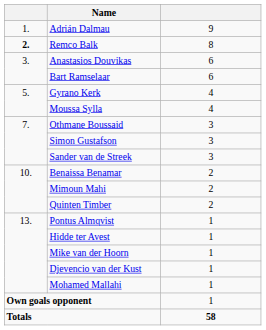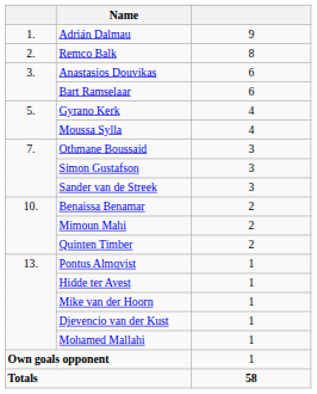 <table class="wikitable" style="font-size: 95%; text-align: center;">
 <tr>
 <th style="width: 60px;"></th>
 <th style="width: 170px;">Name</th>
 <th style="width: 150px;"></th>
 </tr>
 <tr>
 <td rowspan="1" style="vertical-align: top;">1.</td>
 <td style="text-align: left;"><strong></strong> <a href='#'>Adrián Dalmau</a></td>
 <td>9</td>
 </tr>
 <tr>
-<td rowspan="1" style="vertical-align: top;"><strong>2.</strong></td>
+<td rowspan="1" style="vertical-align: top;">2.</td>
 <td style="text-align: left;"><strong></strong> <a href='#'>Remco Balk</a></td>
 <td>8</td>
 </tr>
 <tr>
 <td rowspan="2" style="vertical-align: top;">3.</td>
 <td style="text-align: left;"><strong></strong> <a href='#'>Anastasios Douvikas</a></td>
 <td>6</td>
 </tr>
 <tr>
 <td style="text-align: left;"><strong></strong> <a href='#'>Bart Ramselaar</a></td>
 <td>6</td>
 </tr>
 <tr>
 <td rowspan="2" style="vertical-align: top;">5.</td>
 <td style="text-align: left;"><strong></strong> <a href='#'>Gyrano Kerk</a></td>
 <td>4</td>
 </tr>
 <tr>
 <td style="text-align: left;"><strong></strong> <a href='#'>Moussa Sylla</a></td>
 <td>4</td>
 </tr>
 <tr>
 <td rowspan="3" style="vertical-align: top;">7.</td>
 <td style="text-align: left;"><strong></strong> <a href='#'>Othmane Boussaid</a></td>
 <td>3</td>
 </tr>
 <tr>
 <td style="text-align: left;"><strong></strong> <a href='#'>Simon Gustafson</a></td>
 <td>3</td>
 </tr>
 <tr>
 <td style="text-align: left;"><strong></strong> <a href='#'>Sander van de Streek</a></td>
 <td>3</td>
 </tr>
 <tr>
 <td rowspan="3" style="vertical-align: top;">10.</td>
 <td style="text-align: left;"><strong></strong> <a href='#'>Benaissa Benamar</a></td>
 <td>2</td>
 </tr>
 <tr>
 <td style="text-align: left;"><strong></strong> <a href='#'>Mimoun Mahi</a></td>
 <td>2</td>
 </tr>
 <tr>
 <td style="text-align: left;"><strong></strong> <a href='#'>Quinten Timber</a></td>
 <td>2</td>
 </tr>
 <tr>
 <td rowspan="5" style="vertical-align: top;">13.</td>
 <td style="text-align: left;"><strong></strong> <a href='#'>Pontus Almqvist</a></td>
 <td>1</td>
 </tr>
 <tr>
 <td style="text-align: left;"><strong></strong> <a href='#'>Hidde ter Avest</a></td>
 <td>1</td>
 </tr>
 <tr>
 <td style="text-align: left;"><strong></strong> <a href='#'>Mike van der Hoorn</a></td>
 <td>1</td>
 </tr>
 <tr>
 <td style="text-align: left;"><strong></strong> <a href='#'>Djevencio van der Kust</a></td>
 <td>1</td>
 </tr>
 <tr>
 <td style="text-align: left;"><strong></strong> <a href='#'>Mohamed Mallahi</a></td>
 <td>1</td>
 </tr>
 <tr>
 <td colspan="2" style="text-align: left;"><strong>Own goals opponent</strong></td>
 <td>1</td>
 </tr>
 <tr>
 <td colspan="2" style="text-align: left;"><strong>Totals</strong></td>
 <td><strong>58</strong></td>
 </tr>
 </table>
